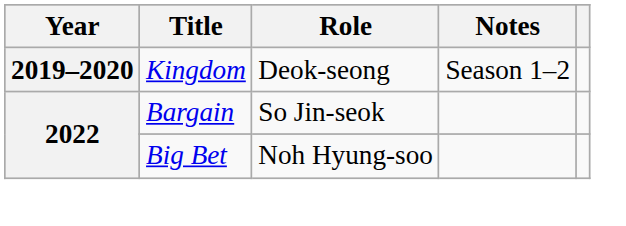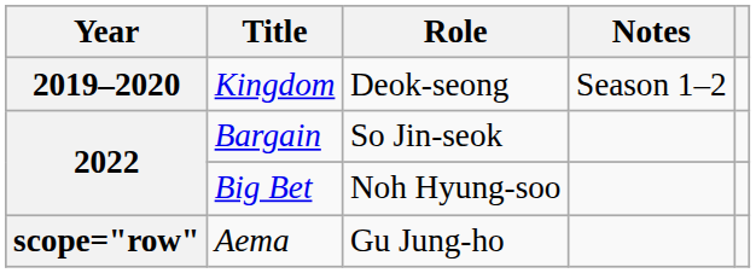 <table class="wikitable plainrowheaders">
 <tr>
 <th scope="col">Year</th>
 <th scope="col">Title</th>
 <th scope="col">Role</th>
 <th>Notes</th>
 <th scope="col" class="unsortable"></th>
 </tr>
 <tr>
 <th scope="row">2019–2020</th>
 <td><em><a href='#'>Kingdom</a></em></td>
 <td>Deok-seong</td>
 <td>Season 1–2</td>
 <td></td>
 </tr>
 <tr>
 <th scope="row" rowspan=2>2022</th>
 <td><em><a href='#'>Bargain</a></em></td>
 <td>So Jin-seok</td>
 <td></td>
 <td style="text-align:center"></td>
 </tr>
 <tr>
 <td><em><a href='#'>Big Bet</a></em></td>
 <td>Noh Hyung-soo</td>
 <td></td>
 <td style="text-align:center"></td>
 </tr>
+<tr>
+<th>scope="row" </th>
+<td><em>Aema</em></td>
+<td>Gu Jung-ho</td>
+<td></td>
+<td style="text-align:center"></td>
+</tr>
 </table>
